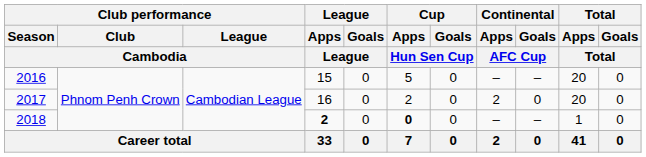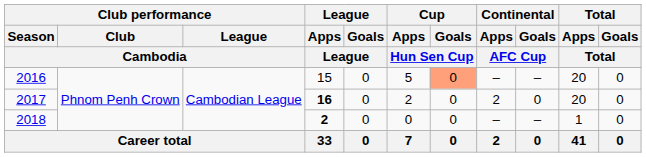 <table class="wikitable" style="text-align:center">
 <tr>
 <th colspan=3>Club performance</th>
 <th colspan=2>League</th>
 <th colspan=2>Cup</th>
 <th colspan=2>Continental</th>
 <th colspan=2>Total</th>
 </tr>
 <tr>
 <th>Season</th>
 <th>Club</th>
 <th>League</th>
 <th>Apps</th>
 <th>Goals</th>
 <th>Apps</th>
 <th>Goals</th>
 <th>Apps</th>
 <th>Goals</th>
 <th>Apps</th>
 <th>Goals</th>
 </tr>
 <tr>
 <th colspan=3>Cambodia</th>
 <th colspan=2>League</th>
 <th colspan=2><a href='#'>Hun Sen Cup</a></th>
 <th colspan=2><a href='#'>AFC Cup</a></th>
 <th colspan=2>Total</th>
 </tr>
 <tr>
 <td><a href='#'>2016</a></td>
 <td rowspan="3"><a href='#'>Phnom Penh Crown</a></td>
 <td rowspan="3"><a href='#'>Cambodian League</a></td>
 <td>15</td>
 <td>0</td>
 <td>5</td>
-<td>0</td>
+<td style="background: lightsalmon;">0</td>
 <td>–</td>
 <td>–</td>
 <td>20</td>
 <td>0</td>
 </tr>
 <tr>
 <td><a href='#'>2017</a></td>
-<td>16</td>
+<td><strong>16</strong></td>
 <td>0</td>
 <td>2</td>
 <td>0</td>
 <td>2</td>
 <td>0</td>
 <td>20</td>
 <td>0</td>
 </tr>
 <tr>
 <td><a href='#'>2018</a></td>
 <td><strong>2</strong></td>
 <td>0</td>
-<td><strong>0</strong></td>
+<td>0</td>
 <td>0</td>
 <td>–</td>
 <td>–</td>
 <td>1</td>
 <td>0</td>
 </tr>
 <tr>
 <th colspan=3>Career total</th>
 <th>33</th>
 <th>0</th>
 <th>7</th>
 <th>0</th>
 <th>2</th>
 <th>0</th>
 <th>41</th>
 <th>0</th>
 </tr>
 </table>
